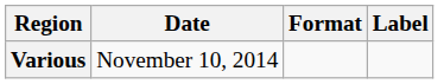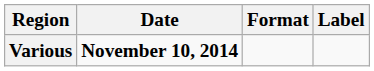 <table class="wikitable plainrowheaders">
 <tr>
 <th scope="col">Region</th>
 <th scope="col">Date</th>
 <th scope="col">Format</th>
 <th scope="col">Label</th>
 </tr>
 <tr>
 <th rowspan="1" scope="row">Various</th>
-<td>November 10, 2014</td>
+<td><strong>November 10, 2014</strong></td>
 <td rowspan="2"></td>
 <td rowspan="2" scope="row"></td>
 </tr>
 </table>
